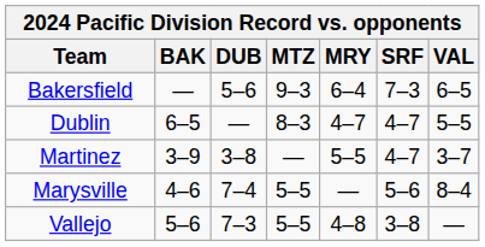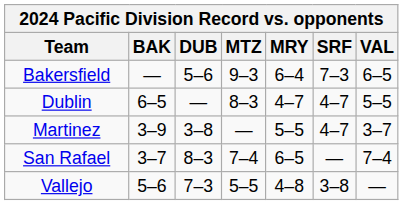 <table class="wikitable" style="font-size:95%; text-align:center;">
 <tr>
 <th colspan=7>2024 Pacific Division Record vs. opponents</th>
 </tr>
 <tr>
 <th style="width:100px;">Team</th>
 <th>BAK</th>
 <th>DUB</th>
 <th>MTZ</th>
 <th>MRY</th>
 <th>SRF</th>
 <th>VAL</th>
 </tr>
 <tr>
 <td><a href='#'>Bakersfield</a></td>
 <td>—</td>
 <td>5–6</td>
 <td>9–3</td>
 <td>6–4</td>
 <td>7–3</td>
 <td>6–5</td>
 </tr>
 <tr>
 <td><a href='#'>Dublin</a></td>
 <td>6–5</td>
 <td>—</td>
 <td>8–3</td>
 <td>4–7</td>
 <td>4–7</td>
 <td>5–5</td>
 </tr>
 <tr>
 <td><a href='#'>Martinez</a></td>
 <td>3–9</td>
 <td>3–8</td>
 <td>—</td>
 <td>5–5</td>
 <td>4–7</td>
 <td>3–7</td>
 </tr>
 <tr>
-<td><a href='#'>Marysville</a></td>
-<td>4–6</td>
+<td><a href='#'>San Rafael</a></td>
+<td>3–7</td>
+<td>8–3</td>
 <td>7–4</td>
-<td>5–5</td>
+<td>6–5</td>
 <td>—</td>
-<td>5–6</td>
-<td>8–4</td>
+<td>7–4</td>
 </tr>
 <tr>
 <td><a href='#'>Vallejo</a></td>
 <td>5–6</td>
 <td>7–3</td>
 <td>5–5</td>
 <td>4–8</td>
 <td>3–8</td>
 <td>—</td>
 </tr>
 </table>
